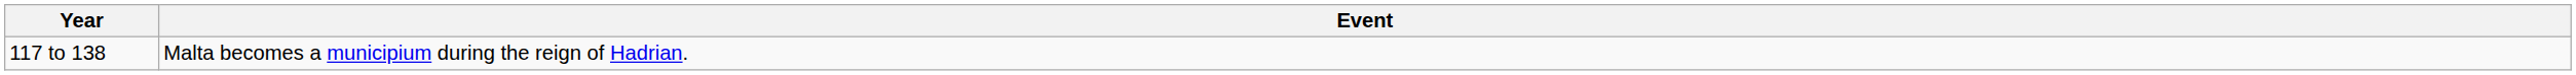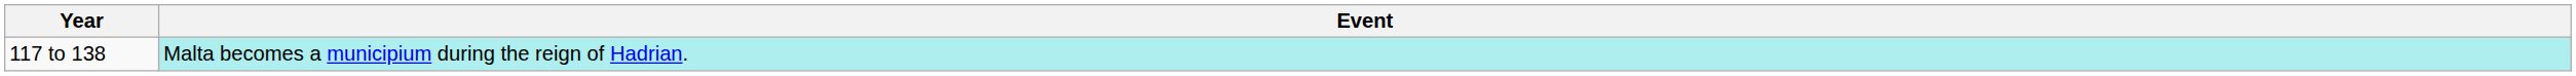 <table class="wikitable" width="100%">
 <tr>
 <th style="width:6%">Year</th>
 <th>Event</th>
 </tr>
 <tr>
 <td>117 to 138</td>
-<td>Malta becomes a <a href='#'>municipium</a> during the reign of <a href='#'>Hadrian</a>.</td>
+<td style="background: paleturquoise;">Malta becomes a <a href='#'>municipium</a> during the reign of <a href='#'>Hadrian</a>.</td>
 </tr>
 </table>
